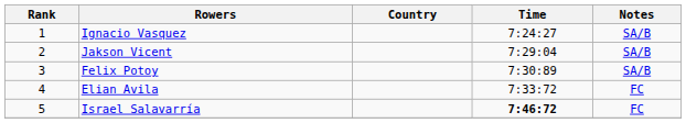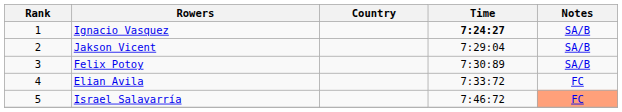 <table class="wikitable" width=60% style="text-align:center">
 <tr>
 <th>Rank</th>
 <th>Rowers</th>
 <th>Country</th>
 <th>Time</th>
 <th>Notes</th>
 </tr>
 <tr>
 <td>1</td>
 <td align=left><a href='#'>Ignacio Vasquez</a></td>
 <td align=left></td>
-<td>7:24:27</td>
+<td><strong>7:24:27</strong></td>
 <td><a href='#'>SA/B</a></td>
 </tr>
 <tr>
 <td>2</td>
 <td align=left><a href='#'>Jakson Vicent</a></td>
 <td align=left></td>
 <td>7:29:04</td>
 <td><a href='#'>SA/B</a></td>
 </tr>
 <tr>
 <td>3</td>
 <td align=left><a href='#'>Felix Potoy</a></td>
 <td align=left></td>
 <td>7:30:89</td>
 <td><a href='#'>SA/B</a></td>
 </tr>
 <tr>
 <td>4</td>
 <td align=left><a href='#'>Elian Avila</a></td>
 <td align=left></td>
 <td>7:33:72</td>
 <td><a href='#'>FC</a></td>
 </tr>
 <tr>
 <td>5</td>
 <td align=left><a href='#'>Israel Salavarría</a></td>
 <td align=left></td>
-<td><strong>7:46:72</strong></td>
-<td><a href='#'>FC</a></td>
+<td>7:46:72</td>
+<td style="background: lightsalmon;"><a href='#'>FC</a></td>
 </tr>
 <tr>
 </tr>
 </table>
